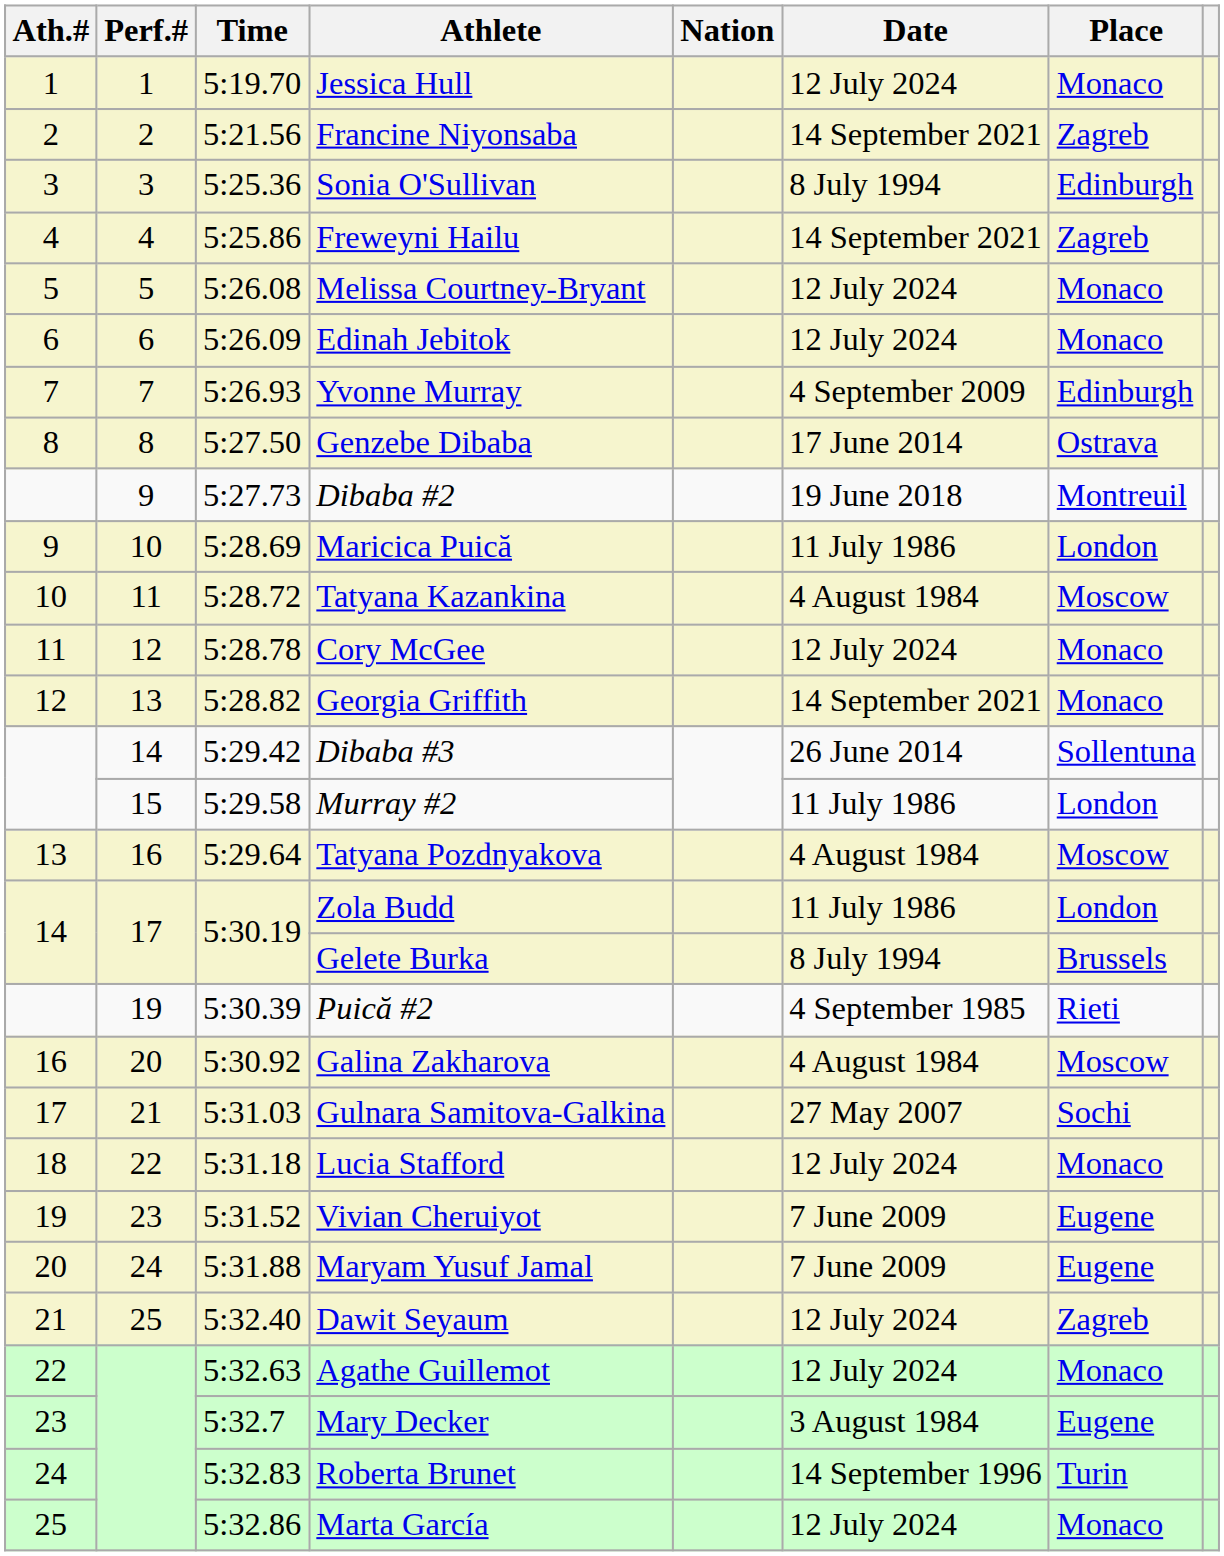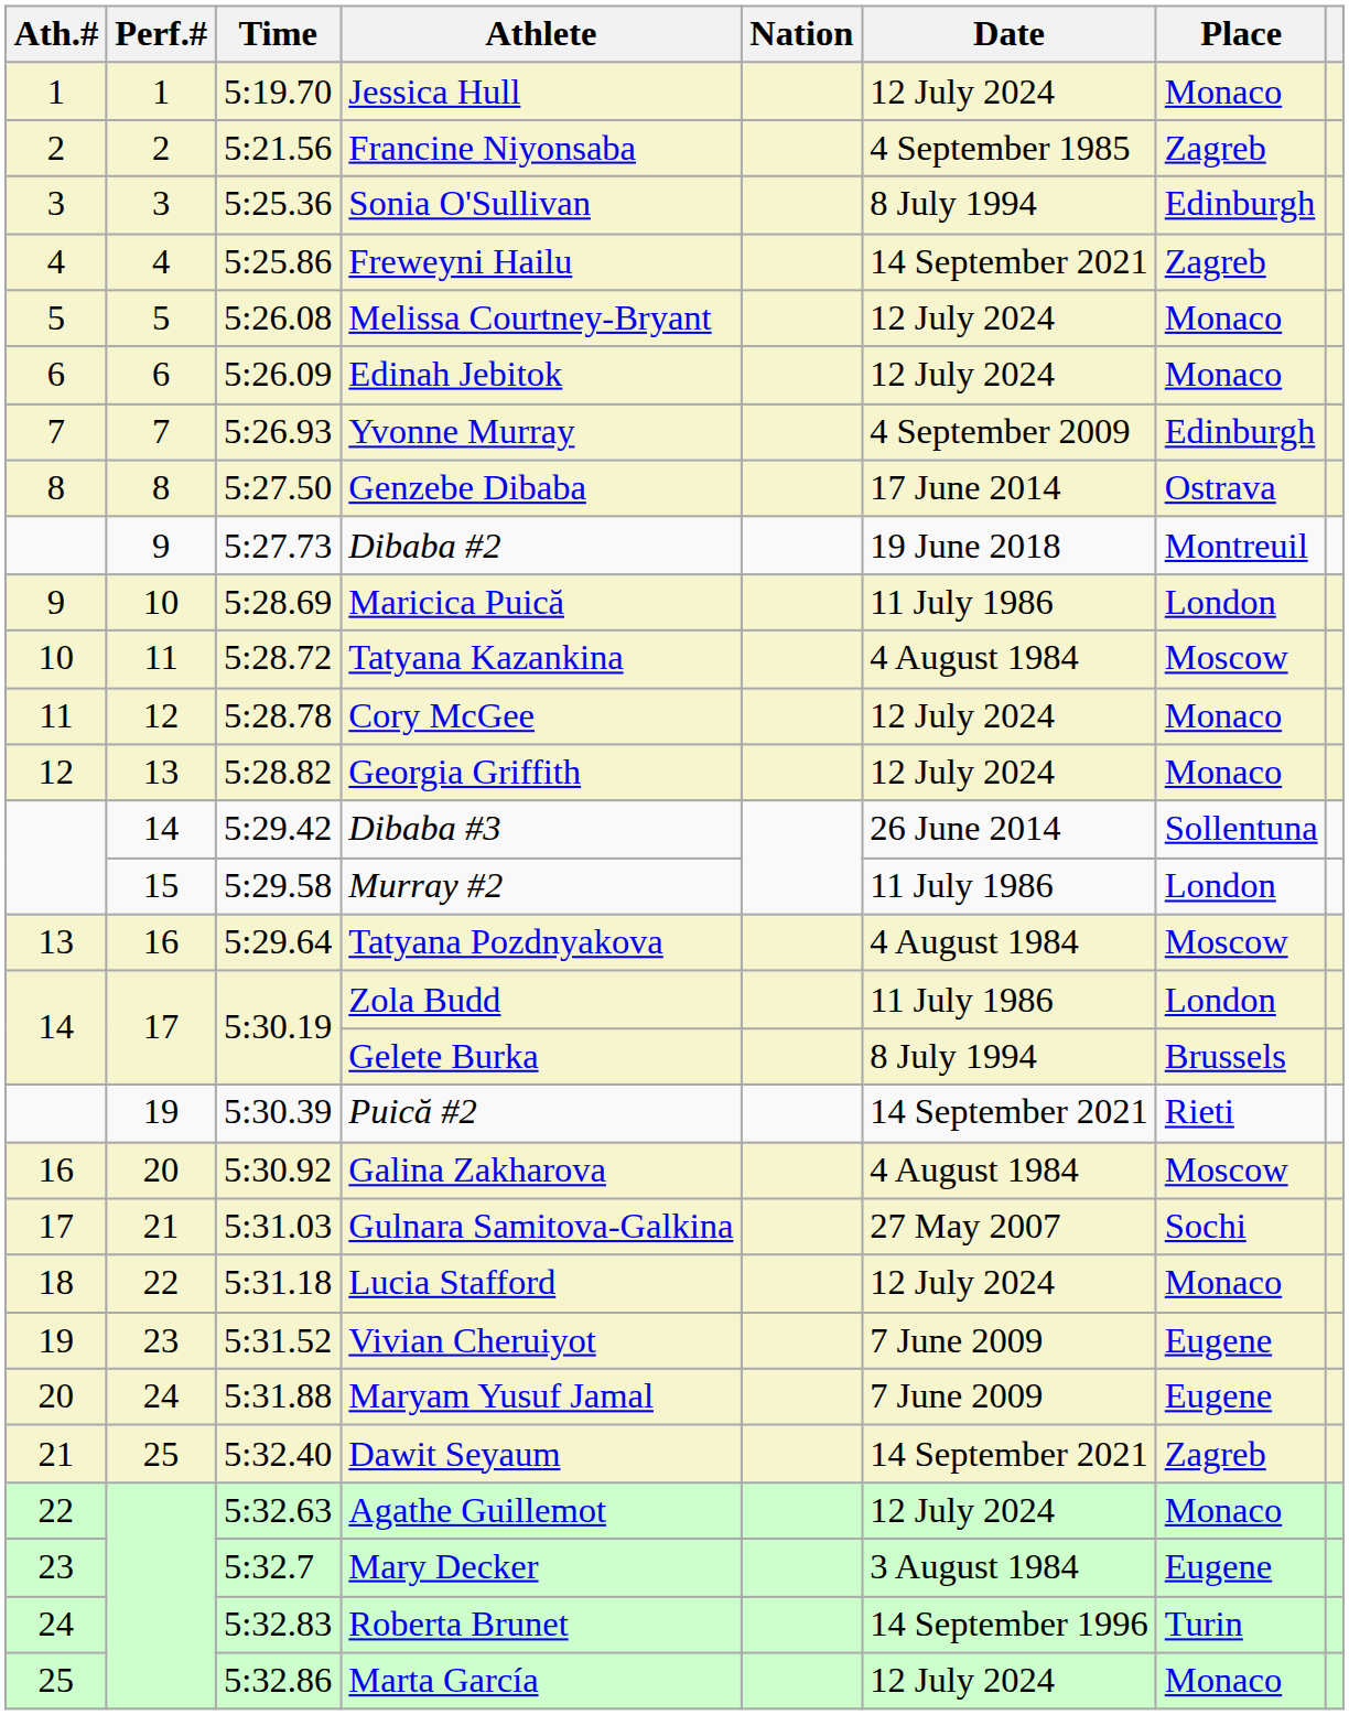 <table class="wikitable sortable" style="display: inline-table">
 <tr>
 <th>Ath.#</th>
 <th>Perf.#</th>
 <th>Time</th>
 <th>Athlete</th>
 <th>Nation</th>
 <th>Date</th>
 <th>Place</th>
 <th class="unsortable"></th>
 </tr>
 <tr bgcolor="#f6F5CE">
 <td align="center">1</td>
 <td align="center">1</td>
 <td>5:19.70</td>
 <td><a href='#'>Jessica Hull</a></td>
 <td></td>
 <td>12 July 2024</td>
 <td><a href='#'>Monaco</a></td>
 <td></td>
 </tr>
 <tr bgcolor="#f6F5CE">
 <td align="center">2</td>
 <td align="center">2</td>
 <td>5:21.56</td>
 <td><a href='#'>Francine Niyonsaba</a></td>
 <td></td>
-<td>14 September 2021</td>
+<td>4 September 1985</td>
 <td><a href='#'>Zagreb</a></td>
 <td></td>
 </tr>
 <tr bgcolor="#f6F5CE">
 <td align="center">3</td>
 <td align="center">3</td>
 <td>5:25.36</td>
 <td><a href='#'>Sonia O'Sullivan</a></td>
 <td></td>
 <td>8 July 1994</td>
 <td><a href='#'>Edinburgh</a></td>
 <td></td>
 </tr>
 <tr bgcolor="#f6F5CE">
 <td align="center">4</td>
 <td align="center">4</td>
 <td>5:25.86</td>
 <td><a href='#'>Freweyni Hailu</a></td>
 <td></td>
 <td>14 September 2021</td>
 <td><a href='#'>Zagreb</a></td>
 <td></td>
 </tr>
 <tr bgcolor="#f6F5CE">
 <td align="center">5</td>
 <td align="center">5</td>
 <td>5:26.08</td>
 <td><a href='#'>Melissa Courtney-Bryant</a></td>
 <td></td>
 <td>12 July 2024</td>
 <td><a href='#'>Monaco</a></td>
 <td></td>
 </tr>
 <tr bgcolor="#f6F5CE">
 <td align="center">6</td>
 <td align="center">6</td>
 <td>5:26.09</td>
 <td><a href='#'>Edinah Jebitok</a></td>
 <td></td>
 <td>12 July 2024</td>
 <td><a href='#'>Monaco</a></td>
 <td></td>
 </tr>
 <tr bgcolor="#f6F5CE">
 <td align="center">7</td>
 <td align="center">7</td>
 <td>5:26.93</td>
 <td><a href='#'>Yvonne Murray</a></td>
 <td></td>
 <td>4 September 2009</td>
 <td><a href='#'>Edinburgh</a></td>
 <td></td>
 </tr>
 <tr bgcolor="#f6F5CE">
 <td align="center">8</td>
 <td align="center">8</td>
 <td>5:27.50</td>
 <td><a href='#'>Genzebe Dibaba</a></td>
 <td></td>
 <td>17 June 2014</td>
 <td><a href='#'>Ostrava</a></td>
 <td></td>
 </tr>
 <tr>
 <td></td>
 <td align="center">9</td>
 <td>5:27.73</td>
 <td><em>Dibaba #2</em></td>
 <td></td>
 <td>19 June 2018</td>
 <td><a href='#'>Montreuil</a></td>
 <td></td>
 </tr>
 <tr bgcolor="#f6F5CE">
 <td align="center">9</td>
 <td align="center">10</td>
 <td>5:28.69</td>
 <td><a href='#'>Maricica Puică</a></td>
 <td></td>
 <td>11 July 1986</td>
 <td><a href='#'>London</a></td>
 <td></td>
 </tr>
 <tr bgcolor="#f6F5CE">
 <td align="center">10</td>
 <td align="center">11</td>
 <td>5:28.72</td>
 <td><a href='#'>Tatyana Kazankina</a></td>
 <td></td>
 <td>4 August 1984</td>
 <td><a href='#'>Moscow</a></td>
 <td></td>
 </tr>
 <tr bgcolor="#f6F5CE">
 <td align="center">11</td>
 <td align="center">12</td>
 <td>5:28.78</td>
 <td><a href='#'>Cory McGee</a></td>
 <td></td>
 <td>12 July 2024</td>
 <td><a href='#'>Monaco</a></td>
 <td></td>
 </tr>
 <tr bgcolor="#f6F5CE">
 <td align="center">12</td>
 <td align="center">13</td>
 <td>5:28.82</td>
 <td><a href='#'>Georgia Griffith</a></td>
 <td></td>
-<td>14 September 2021</td>
+<td>12 July 2024</td>
 <td><a href='#'>Monaco</a></td>
 <td></td>
 </tr>
 <tr>
 <td rowspan="2"></td>
 <td align="center">14</td>
 <td>5:29.42</td>
 <td><em>Dibaba #3</em></td>
 <td rowspan="2"></td>
 <td>26 June 2014</td>
 <td><a href='#'>Sollentuna</a></td>
 <td></td>
 </tr>
 <tr>
 <td align="center">15</td>
 <td>5:29.58</td>
 <td><em>Murray #2</em></td>
 <td>11 July 1986</td>
 <td><a href='#'>London</a></td>
 <td></td>
 </tr>
 <tr bgcolor="#f6F5CE">
 <td align="center">13</td>
 <td align="center">16</td>
 <td>5:29.64</td>
 <td><a href='#'>Tatyana Pozdnyakova</a></td>
 <td></td>
 <td>4 August 1984</td>
 <td><a href='#'>Moscow</a></td>
 <td></td>
 </tr>
 <tr bgcolor="#f6F5CE">
 <td rowspan="2" align="center">14</td>
 <td rowspan="2" align="center">17</td>
 <td rowspan="2">5:30.19</td>
 <td><a href='#'>Zola Budd</a></td>
 <td></td>
 <td>11 July 1986</td>
 <td><a href='#'>London</a></td>
 <td></td>
 </tr>
 <tr bgcolor="#f6F5CE">
 <td><a href='#'>Gelete Burka</a></td>
 <td></td>
 <td>8 July 1994</td>
 <td><a href='#'>Brussels</a></td>
 <td></td>
 </tr>
 <tr>
 <td></td>
 <td align="center">19</td>
 <td>5:30.39</td>
 <td><em>Puică #2</em></td>
 <td></td>
-<td>4 September 1985</td>
+<td>14 September 2021</td>
 <td><a href='#'>Rieti</a></td>
 <td></td>
 </tr>
 <tr bgcolor="#f6F5CE">
 <td align="center">16</td>
 <td align="center">20</td>
 <td>5:30.92</td>
 <td><a href='#'>Galina Zakharova</a></td>
 <td></td>
 <td>4 August 1984</td>
 <td><a href='#'>Moscow</a></td>
 <td></td>
 </tr>
 <tr bgcolor="#f6F5CE">
 <td align="center">17</td>
 <td align="center">21</td>
 <td>5:31.03</td>
 <td><a href='#'>Gulnara Samitova-Galkina</a></td>
 <td></td>
 <td>27 May 2007</td>
 <td><a href='#'>Sochi</a></td>
 <td></td>
 </tr>
 <tr bgcolor="#f6F5CE">
 <td align="center">18</td>
 <td align="center">22</td>
 <td>5:31.18</td>
 <td><a href='#'>Lucia Stafford</a></td>
 <td></td>
 <td>12 July 2024</td>
 <td><a href='#'>Monaco</a></td>
 <td></td>
 </tr>
 <tr bgcolor="#f6F5CE">
 <td align="center">19</td>
 <td align="center">23</td>
 <td>5:31.52</td>
 <td><a href='#'>Vivian Cheruiyot</a></td>
 <td></td>
 <td>7 June 2009</td>
 <td><a href='#'>Eugene</a></td>
 <td></td>
 </tr>
 <tr bgcolor="#f6F5CE">
 <td align="center">20</td>
 <td align="center">24</td>
 <td>5:31.88</td>
 <td><a href='#'>Maryam Yusuf Jamal</a></td>
 <td></td>
 <td>7 June 2009</td>
 <td><a href='#'>Eugene</a></td>
 <td></td>
 </tr>
 <tr bgcolor="#f6F5CE">
 <td align="center">21</td>
 <td align="center">25</td>
 <td>5:32.40</td>
 <td><a href='#'>Dawit Seyaum</a></td>
 <td></td>
-<td>12 July 2024</td>
+<td>14 September 2021</td>
 <td><a href='#'>Zagreb</a></td>
 <td></td>
 </tr>
 <tr bgcolor=#CCFFCC>
 <td align="center">22</td>
 <td rowspan="4"></td>
 <td>5:32.63</td>
 <td><a href='#'>Agathe Guillemot</a></td>
 <td></td>
 <td>12 July 2024</td>
 <td><a href='#'>Monaco</a></td>
 <td></td>
 </tr>
 <tr bgcolor=#CCFFCC>
 <td align="center">23</td>
 <td>5:32.7</td>
 <td><a href='#'>Mary Decker</a></td>
 <td></td>
 <td>3 August 1984</td>
 <td><a href='#'>Eugene</a></td>
 <td></td>
 </tr>
 <tr bgcolor=#CCFFCC>
 <td align="center">24</td>
 <td>5:32.83</td>
 <td><a href='#'>Roberta Brunet</a></td>
 <td></td>
 <td>14 September 1996</td>
 <td><a href='#'>Turin</a></td>
 <td></td>
 </tr>
 <tr bgcolor=#CCFFCC>
 <td align="center">25</td>
 <td>5:32.86</td>
 <td><a href='#'>Marta García</a></td>
 <td></td>
 <td>12 July 2024</td>
 <td><a href='#'>Monaco</a></td>
 <td></td>
 </tr>
 </table>
